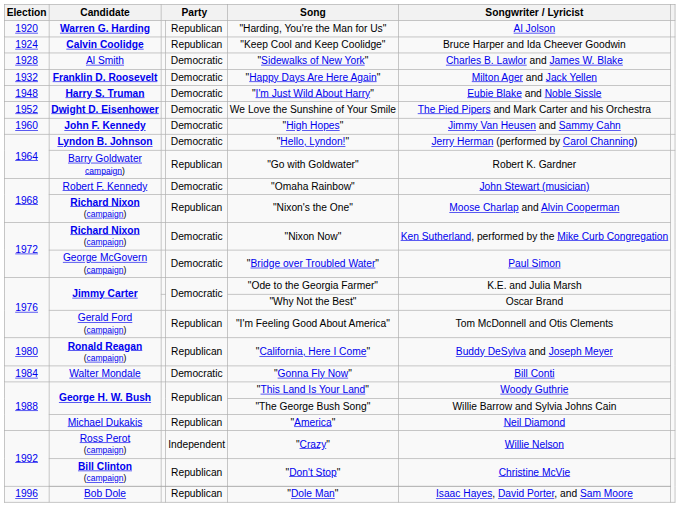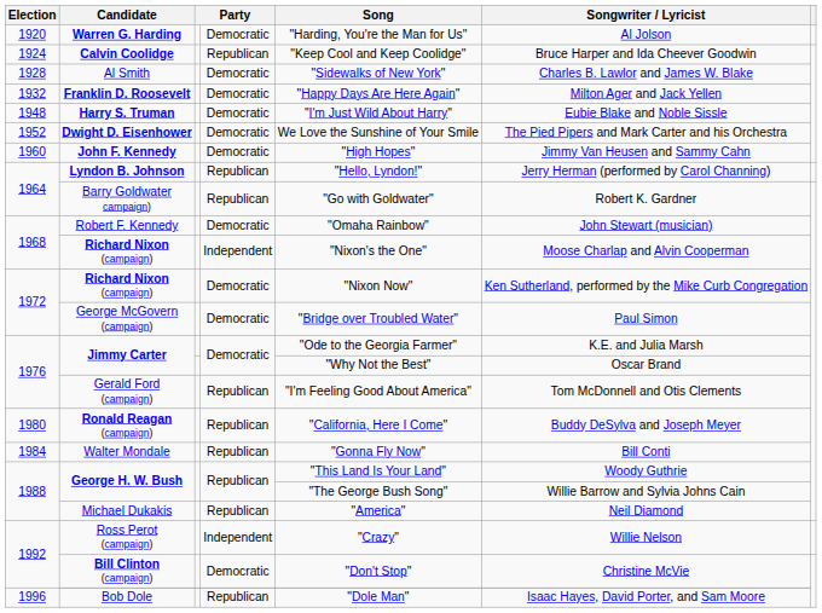 <table class="wikitable"  style="text-align:center">
 <tr>
 <th>Election</th>
 <th>Candidate</th>
 <th colspan="2">Party</th>
 <th>Song</th>
 <th>Songwriter / Lyricist</th>
 <th></th>
 </tr>
 <tr>
 <td><a href='#'>1920</a></td>
 <td><strong><a href='#'>Warren G. Harding</a></strong></td>
 <td style="background:"></td>
-<td>Republican</td>
+<td>Democratic</td>
 <td>"Harding, You're the Man for Us"</td>
 <td><a href='#'>Al Jolson</a></td>
 <td></td>
 </tr>
 <tr>
 <td><a href='#'>1924</a></td>
 <td><strong><a href='#'>Calvin Coolidge</a></strong></td>
 <td style="background:"></td>
 <td>Republican</td>
 <td>"Keep Cool and Keep Coolidge"</td>
 <td>Bruce Harper and Ida Cheever Goodwin</td>
 </tr>
 <tr>
 <td><a href='#'>1928</a></td>
 <td><a href='#'>Al Smith</a></td>
 <td style="background:"></td>
 <td>Democratic</td>
 <td>"<a href='#'>Sidewalks of New York</a>"</td>
 <td><a href='#'>Charles B. Lawlor</a> and <a href='#'>James W. Blake</a></td>
 </tr>
 <tr>
 <td><a href='#'>1932</a></td>
 <td><strong><a href='#'>Franklin D. Roosevelt</a></strong></td>
 <td style="background:"></td>
 <td>Democratic</td>
 <td>"<a href='#'>Happy Days Are Here Again</a>"</td>
 <td><a href='#'>Milton Ager</a> and <a href='#'>Jack Yellen</a></td>
 </tr>
 <tr>
 <td><a href='#'>1948</a></td>
 <td><strong><a href='#'>Harry S. Truman</a></strong><br></td>
 <td style="background:"></td>
 <td>Democratic</td>
 <td>"<a href='#'>I'm Just Wild About Harry</a>"</td>
 <td><a href='#'>Eubie Blake</a> and <a href='#'>Noble Sissle</a></td>
 </tr>
 <tr>
 <td><a href='#'>1952</a></td>
 <td><strong><a href='#'>Dwight D. Eisenhower</a></strong></td>
 <td style="background:"></td>
 <td>Democratic</td>
 <td>We Love the Sunshine of Your Smile</td>
 <td><a href='#'>The Pied Pipers</a> and Mark Carter and his Orchestra</td>
 </tr>
 <tr>
 <td><a href='#'>1960</a></td>
 <td><strong><a href='#'>John F. Kennedy</a></strong></td>
 <td style="background:"></td>
 <td>Democratic</td>
 <td>"<a href='#'>High Hopes</a>"</td>
 <td><a href='#'>Jimmy Van Heusen</a> and <a href='#'>Sammy Cahn</a></td>
 </tr>
 <tr>
 <td rowspan="2"><a href='#'>1964</a></td>
 <td><strong><a href='#'>Lyndon B. Johnson</a></strong></td>
 <td style="background:"></td>
-<td>Democratic</td>
+<td>Republican</td>
 <td>"<a href='#'>Hello, Lyndon!</a>"</td>
 <td><a href='#'>Jerry Herman</a> (performed by <a href='#'>Carol Channing</a>)</td>
 <td></td>
 </tr>
 <tr>
 <td><a href='#'>Barry Goldwater</a><br> <small><a href='#'>campaign</a>)</small></td>
 <td style="background:"></td>
 <td>Republican</td>
 <td>"Go with Goldwater"</td>
 <td>Robert K. Gardner</td>
 </tr>
 <tr>
 <td rowspan="2"><a href='#'>1968</a></td>
 <td><a href='#'>Robert F. Kennedy</a></td>
 <td style="background:"></td>
 <td>Democratic</td>
 <td>"Omaha Rainbow"</td>
 <td><a href='#'>John Stewart (musician)</a></td>
 </tr>
 <tr>
 <td><strong><a href='#'>Richard Nixon</a></strong><br><small>(<a href='#'>campaign</a>)</small></td>
 <td style="background:"></td>
-<td>Republican</td>
+<td>Independent</td>
 <td>"Nixon's the One"</td>
 <td><a href='#'>Moose Charlap</a> and <a href='#'>Alvin Cooperman</a></td>
 </tr>
 <tr>
 <td rowspan="2"><a href='#'>1972</a></td>
 <td><strong><a href='#'>Richard Nixon</a></strong><br><small>(<a href='#'>campaign</a>)</small></td>
 <td style="background:"></td>
 <td>Democratic</td>
 <td>"Nixon Now"</td>
 <td><a href='#'>Ken Sutherland</a>, performed by the <a href='#'>Mike Curb Congregation</a></td>
 </tr>
 <tr>
 <td><a href='#'>George McGovern</a><br> <small>(<a href='#'>campaign</a>)</small></td>
 <td style="background:"></td>
 <td>Democratic</td>
 <td>"<a href='#'>Bridge over Troubled Water</a>"</td>
 <td><a href='#'>Paul Simon</a></td>
 </tr>
 <tr>
 <td rowspan="3"><a href='#'>1976</a></td>
 <td rowspan="2"><strong><a href='#'>Jimmy Carter</a></strong></td>
 <td style="background:"></td>
 <td rowspan="2">Democratic</td>
 <td>"Ode to the Georgia Farmer"</td>
 <td>K.E. and Julia Marsh</td>
 </tr>
 <tr>
 <td style="background:"></td>
 <td>"Why Not the Best"</td>
 <td>Oscar Brand</td>
 </tr>
 <tr>
 <td><a href='#'>Gerald Ford</a><br><small>(<a href='#'>campaign</a>)</small></td>
 <td style="background:"></td>
 <td>Republican</td>
 <td>"I'm Feeling Good About America"</td>
 <td>Tom McDonnell and Otis Clements</td>
 </tr>
 <tr>
 <td><a href='#'>1980</a></td>
 <td><strong><a href='#'>Ronald Reagan</a></strong><br><small>(<a href='#'>campaign</a>)</small></td>
 <td style="background:"></td>
 <td>Republican</td>
 <td>"<a href='#'>California, Here I Come</a>"</td>
 <td><a href='#'>Buddy DeSylva</a> and <a href='#'>Joseph Meyer</a></td>
 </tr>
 <tr>
 <td><a href='#'>1984</a></td>
 <td><a href='#'>Walter Mondale</a></td>
 <td style="background:"></td>
-<td>Democratic</td>
+<td>Republican</td>
 <td>"<a href='#'>Gonna Fly Now</a>"</td>
 <td><a href='#'>Bill Conti</a></td>
 </tr>
 <tr>
 <td rowspan="3"><a href='#'>1988</a></td>
 <td rowspan="2"><strong><a href='#'>George H. W. Bush</a></strong></td>
 <td rowspan="2" style="background:"></td>
 <td rowspan="2">Republican</td>
 <td>"<a href='#'>This Land Is Your Land</a>"</td>
 <td><a href='#'>Woody Guthrie</a></td>
 </tr>
 <tr>
 <td>"The George Bush Song"</td>
 <td>Willie Barrow and Sylvia Johns Cain</td>
 </tr>
 <tr>
 <td><a href='#'>Michael Dukakis</a></td>
 <td style="background:"></td>
 <td>Republican</td>
 <td>"<a href='#'>America</a>"</td>
 <td><a href='#'>Neil Diamond</a></td>
 </tr>
 <tr>
 <td rowspan="2"><a href='#'>1992</a></td>
 <td><a href='#'>Ross Perot</a><br> <small>(<a href='#'>campaign</a>)</small></td>
 <td style="background:"></td>
 <td>Independent</td>
 <td>"<a href='#'>Crazy</a>"</td>
 <td><a href='#'>Willie Nelson</a></td>
 <td></td>
 </tr>
 <tr>
 <td rowspan="1"><strong><a href='#'>Bill Clinton</a></strong><br><small>(<a href='#'>campaign</a>)</small></td>
 <td style="background:"></td>
-<td>Republican</td>
+<td>Democratic</td>
 <td>"<a href='#'>Don't Stop</a>"</td>
 <td><a href='#'>Christine McVie</a></td>
 </tr>
 <tr>
 <td rowspan="2"><a href='#'>1996</a></td>
 </tr>
 <tr>
 <td><a href='#'>Bob Dole</a></td>
 <td style="background:"></td>
 <td>Republican</td>
 <td>"<a href='#'>Dole Man</a>"</td>
 <td><a href='#'>Isaac Hayes</a>, <a href='#'>David Porter</a>, and <a href='#'>Sam Moore</a></td>
 </tr>
 </table>
